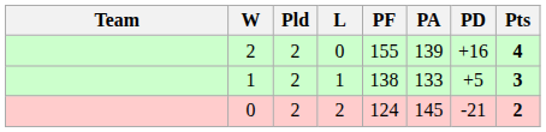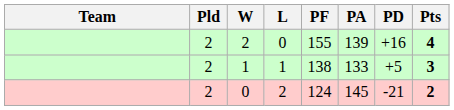 <table class=wikitable style="text-align:center">
 <tr>
 <th width=180>Team</th>
+<th width=30>Pld</th>
 <th width=30>W</th>
-<th width=30>Pld</th>
 <th width=30>L</th>
 <th width=30>PF</th>
 <th width=30>PA</th>
 <th width=30>PD</th>
 <th width=30>Pts</th>
 </tr>
 <tr bgcolor="#ccffcc">
 <td align=left></td>
 <td>2</td>
 <td>2</td>
 <td>0</td>
 <td>155</td>
 <td>139</td>
 <td>+16</td>
 <td><strong>4</strong></td>
 </tr>
 <tr bgcolor="#ccffcc">
 <td align=left></td>
+<td>2</td>
 <td>1</td>
-<td>2</td>
 <td>1</td>
 <td>138</td>
 <td>133</td>
 <td>+5</td>
 <td><strong>3</strong></td>
 </tr>
 <tr bgcolor="#ffcccc">
 <td align=left></td>
+<td>2</td>
 <td>0</td>
-<td>2</td>
 <td>2</td>
 <td>124</td>
 <td>145</td>
 <td>-21</td>
 <td><strong>2</strong></td>
 </tr>
 </table>
